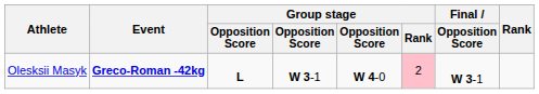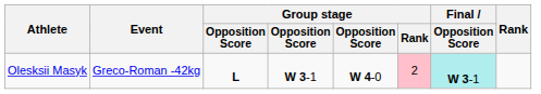 <table class="wikitable" style="font-size:90%">
 <tr>
 <th rowspan=2>Athlete</th>
 <th rowspan=2>Event</th>
 <th colspan=4>Group stage</th>
 <th>Final / </th>
 <th rowspan=2>Rank</th>
 </tr>
 <tr style="font-size:95%">
 <th>Opposition<br>Score</th>
 <th>Opposition<br>Score</th>
 <th>Opposition<br>Score</th>
 <th>Rank</th>
 <th>Opposition<br>Score</th>
 </tr>
 <tr align=center>
 <td align=left><a href='#'>Olesksii Masyk</a></td>
-<td align=left><strong><a href='#'>Greco-Roman -42kg</a></strong></td>
+<td align=left><a href='#'>Greco-Roman -42kg</a></td>
 <td><br><strong>L</strong></td>
 <td><br><strong>W</strong> <strong>3</strong>-1</td>
 <td><br><strong>W</strong> <strong>4</strong>-0</td>
 <td style="background: pink;">2 </td>
-<td><br><strong>W</strong> <strong>3</strong>-1 <sup></sup></td>
+<td style="background: paleturquoise;"><br><strong>W</strong> <strong>3</strong>-1 <sup></sup></td>
 <td></td>
 </tr>
 </table>
